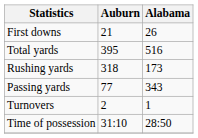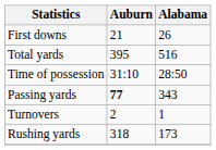 <table class="wikitable" style="float: left;">
 <tr>
 <th>Statistics</th>
 <th>Auburn</th>
 <th>Alabama</th>
 </tr>
 <tr>
 <td>First downs</td>
 <td>21</td>
 <td>26</td>
 </tr>
 <tr>
 <td>Total yards</td>
 <td>395</td>
 <td>516</td>
 </tr>
 <tr>
-<td>Rushing yards</td>
-<td>318</td>
-<td>173</td>
+<td>Time of possession</td>
+<td>31:10</td>
+<td>28:50</td>
 </tr>
 <tr>
 <td>Passing yards</td>
-<td>77</td>
+<td><strong>77</strong></td>
 <td>343</td>
 </tr>
 <tr>
 <td>Turnovers</td>
 <td>2</td>
 <td>1</td>
 </tr>
 <tr>
-<td>Time of possession</td>
-<td>31:10</td>
-<td>28:50</td>
+<td>Rushing yards</td>
+<td>318</td>
+<td>173</td>
 </tr>
 <tr>
 </tr>
 </table>
